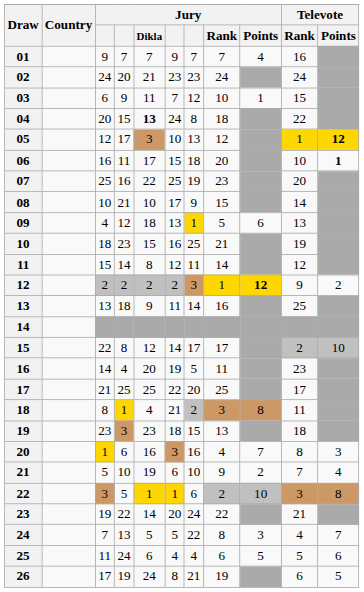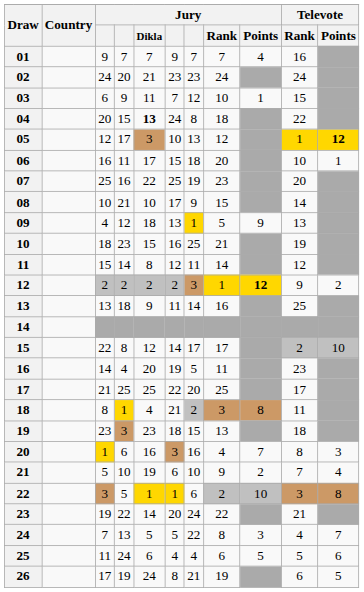 <table class="sortable wikitable collapsible plainrowheaders" style="text-align:center;">
 <tr>
 </tr>
 <tr>
 <th scope="col" rowspan="2">Draw</th>
 <th scope="col" rowspan="2">Country</th>
 <th scope="col" colspan="7">Jury</th>
 <th scope="col" colspan="2">Televote</th>
 </tr>
 <tr>
 <th scope="col"><small></small></th>
 <th scope="col"><small></small></th>
 <th scope="col"><small>Dikla</small></th>
 <th scope="col"><small></small></th>
 <th scope="col"><small></small></th>
 <th scope="col">Rank</th>
 <th scope="col">Points</th>
 <th scope="col">Rank</th>
 <th scope="col">Points</th>
 </tr>
 <tr>
 <th scope="row" style="text-align:center;">01</th>
 <td style="text-align:left;"></td>
 <td>9</td>
 <td>7</td>
 <td>7</td>
 <td>9</td>
 <td>7</td>
 <td>7</td>
 <td>4</td>
 <td>16</td>
 <td style="background:#AAAAAA;"></td>
 </tr>
 <tr>
 <th scope="row" style="text-align:center;">02</th>
 <td style="text-align:left;"></td>
 <td>24</td>
 <td>20</td>
 <td>21</td>
 <td>23</td>
 <td>23</td>
 <td>24</td>
 <td style="background:#AAAAAA;"></td>
 <td>24</td>
 <td style="background:#AAAAAA;"></td>
 </tr>
 <tr>
 <th scope="row" style="text-align:center;">03</th>
 <td style="text-align:left;"></td>
 <td>6</td>
 <td>9</td>
 <td>11</td>
 <td>7</td>
 <td>12</td>
 <td>10</td>
 <td>1</td>
 <td>15</td>
 <td style="background:#AAAAAA;"></td>
 </tr>
 <tr>
 <th scope="row" style="text-align:center;">04</th>
 <td style="text-align:left;"></td>
 <td>20</td>
 <td>15</td>
 <td><strong>13</strong></td>
 <td>24</td>
 <td>8</td>
 <td>18</td>
 <td style="background:#AAAAAA;"></td>
 <td>22</td>
 <td style="background:#AAAAAA;"></td>
 </tr>
 <tr>
 <th scope="row" style="text-align:center;">05</th>
 <td style="text-align:left;"></td>
 <td>12</td>
 <td>17</td>
 <td style="background:#CC9966;">3</td>
 <td>10</td>
 <td>13</td>
 <td>12</td>
 <td style="background:#AAAAAA;"></td>
 <td style="background:gold;">1</td>
 <td style="background:gold;"><strong>12</strong></td>
 </tr>
 <tr>
 <th scope="row" style="text-align:center;">06</th>
 <td style="text-align:left;"></td>
 <td>16</td>
 <td>11</td>
 <td>17</td>
 <td>15</td>
 <td>18</td>
 <td>20</td>
 <td style="background:#AAAAAA;"></td>
 <td>10</td>
-<td><strong>1</strong></td>
+<td>1</td>
 </tr>
 <tr>
 <th scope="row" style="text-align:center;">07</th>
 <td style="text-align:left;"></td>
 <td>25</td>
 <td>16</td>
 <td>22</td>
 <td>25</td>
 <td>19</td>
 <td>23</td>
 <td style="background:#AAAAAA;"></td>
 <td>20</td>
 <td style="background:#AAAAAA;"></td>
 </tr>
 <tr>
 <th scope="row" style="text-align:center;">08</th>
 <td style="text-align:left;"></td>
 <td>10</td>
 <td>21</td>
 <td>10</td>
 <td>17</td>
 <td>9</td>
 <td>15</td>
 <td style="background:#AAAAAA;"></td>
 <td>14</td>
 <td style="background:#AAAAAA;"></td>
 </tr>
 <tr>
 <th scope="row" style="text-align:center;">09</th>
 <td style="text-align:left;"></td>
 <td>4</td>
 <td>12</td>
 <td>18</td>
 <td>13</td>
 <td style="background:gold;">1</td>
 <td>5</td>
-<td>6</td>
+<td>9</td>
 <td>13</td>
 <td style="background:#AAAAAA;"></td>
 </tr>
 <tr>
 <th scope="row" style="text-align:center;">10</th>
 <td style="text-align:left;"></td>
 <td>18</td>
 <td>23</td>
 <td>15</td>
 <td>16</td>
 <td>25</td>
 <td>21</td>
 <td style="background:#AAAAAA;"></td>
 <td>19</td>
 <td style="background:#AAAAAA;"></td>
 </tr>
 <tr>
 <th scope="row" style="text-align:center;">11</th>
 <td style="text-align:left;"></td>
 <td>15</td>
 <td>14</td>
 <td>8</td>
 <td>12</td>
 <td>11</td>
 <td>14</td>
 <td style="background:#AAAAAA;"></td>
 <td>12</td>
 <td style="background:#AAAAAA;"></td>
 </tr>
 <tr>
 <th scope="row" style="text-align:center;">12</th>
 <td style="text-align:left;"></td>
 <td style="background:silver;">2</td>
 <td style="background:silver;">2</td>
 <td style="background:silver;">2</td>
 <td style="background:silver;">2</td>
 <td style="background:#CC9966;">3</td>
 <td style="background:gold;">1</td>
 <td style="background:gold;"><strong>12</strong></td>
 <td>9</td>
 <td>2</td>
 </tr>
 <tr>
 <th scope="row" style="text-align:center;">13</th>
 <td style="text-align:left;"></td>
 <td>13</td>
 <td>18</td>
 <td>9</td>
 <td>11</td>
 <td>14</td>
 <td>16</td>
 <td style="background:#AAAAAA;"></td>
 <td>25</td>
 <td style="background:#AAAAAA;"></td>
 </tr>
 <tr class="sortbottom">
 <th scope="row" style="text-align:center;">14</th>
 <td style="text-align:left;"></td>
 <td style="background:#AAAAAA;"></td>
 <td style="background:#AAAAAA;"></td>
 <td style="background:#AAAAAA;"></td>
 <td style="background:#AAAAAA;"></td>
 <td style="background:#AAAAAA;"></td>
 <td style="background:#AAAAAA;"></td>
 <td style="background:#AAAAAA;"></td>
 <td style="background:#AAAAAA;"></td>
 <td style="background:#AAAAAA;"></td>
 </tr>
 <tr>
 <th scope="row" style="text-align:center;">15</th>
 <td style="text-align:left;"></td>
 <td>22</td>
 <td>8</td>
 <td>12</td>
 <td>14</td>
 <td>17</td>
 <td>17</td>
 <td style="background:#AAAAAA;"></td>
 <td style="background:silver;">2</td>
 <td style="background:silver;">10</td>
 </tr>
 <tr>
 <th scope="row" style="text-align:center;">16</th>
 <td style="text-align:left;"></td>
 <td>14</td>
 <td>4</td>
 <td>20</td>
 <td>19</td>
 <td>5</td>
 <td>11</td>
 <td style="background:#AAAAAA;"></td>
 <td>23</td>
 <td style="background:#AAAAAA;"></td>
 </tr>
 <tr>
 <th scope="row" style="text-align:center;">17</th>
 <td style="text-align:left;"></td>
 <td>21</td>
 <td>25</td>
 <td>25</td>
 <td>22</td>
 <td>20</td>
 <td>25</td>
 <td style="background:#AAAAAA;"></td>
 <td>17</td>
 <td style="background:#AAAAAA;"></td>
 </tr>
 <tr>
 <th scope="row" style="text-align:center;">18</th>
 <td style="text-align:left;"></td>
 <td>8</td>
 <td style="background:gold;">1</td>
 <td>4</td>
 <td>21</td>
 <td style="background:silver;">2</td>
 <td style="background:#CC9966;">3</td>
 <td style="background:#CC9966;">8</td>
 <td>11</td>
 <td style="background:#AAAAAA;"></td>
 </tr>
 <tr>
 <th scope="row" style="text-align:center;">19</th>
 <td style="text-align:left;"></td>
 <td>23</td>
 <td style="background:#CC9966;">3</td>
 <td>23</td>
 <td>18</td>
 <td>15</td>
 <td>13</td>
 <td style="background:#AAAAAA;"></td>
 <td>18</td>
 <td style="background:#AAAAAA;"></td>
 </tr>
 <tr>
 <th scope="row" style="text-align:center;">20</th>
 <td style="text-align:left;"></td>
 <td style="background:gold;">1</td>
 <td>6</td>
 <td>16</td>
 <td style="background:#CC9966;">3</td>
 <td>16</td>
 <td>4</td>
 <td>7</td>
 <td>8</td>
 <td>3</td>
 </tr>
 <tr>
 <th scope="row" style="text-align:center;">21</th>
 <td style="text-align:left;"></td>
 <td>5</td>
 <td>10</td>
 <td>19</td>
 <td>6</td>
 <td>10</td>
 <td>9</td>
 <td>2</td>
 <td>7</td>
 <td>4</td>
 </tr>
 <tr>
 <th scope="row" style="text-align:center;">22</th>
 <td style="text-align:left;"></td>
 <td style="background:#CC9966;">3</td>
 <td>5</td>
 <td style="background:gold;">1</td>
 <td style="background:gold;">1</td>
 <td>6</td>
 <td style="background:silver;">2</td>
 <td style="background:silver;">10</td>
 <td style="background:#CC9966;">3</td>
 <td style="background:#CC9966;">8</td>
 </tr>
 <tr>
 <th scope="row" style="text-align:center;">23</th>
 <td style="text-align:left;"></td>
 <td>19</td>
 <td>22</td>
 <td>14</td>
 <td>20</td>
 <td>24</td>
 <td>22</td>
 <td style="background:#AAAAAA;"></td>
 <td>21</td>
 <td style="background:#AAAAAA;"></td>
 </tr>
 <tr>
 <th scope="row" style="text-align:center;">24</th>
 <td style="text-align:left;"></td>
 <td>7</td>
 <td>13</td>
 <td>5</td>
 <td>5</td>
 <td>22</td>
 <td>8</td>
 <td>3</td>
 <td>4</td>
 <td>7</td>
 </tr>
 <tr>
 <th scope="row" style="text-align:center;">25</th>
 <td style="text-align:left;"></td>
 <td>11</td>
 <td>24</td>
 <td>6</td>
 <td>4</td>
 <td>4</td>
 <td>6</td>
 <td>5</td>
 <td>5</td>
 <td>6</td>
 </tr>
 <tr>
 <th scope="row" style="text-align:center;">26</th>
 <td style="text-align:left;"></td>
 <td>17</td>
 <td>19</td>
 <td>24</td>
 <td>8</td>
 <td>21</td>
 <td>19</td>
 <td style="background:#AAAAAA;"></td>
 <td>6</td>
 <td>5</td>
 </tr>
 </table>
